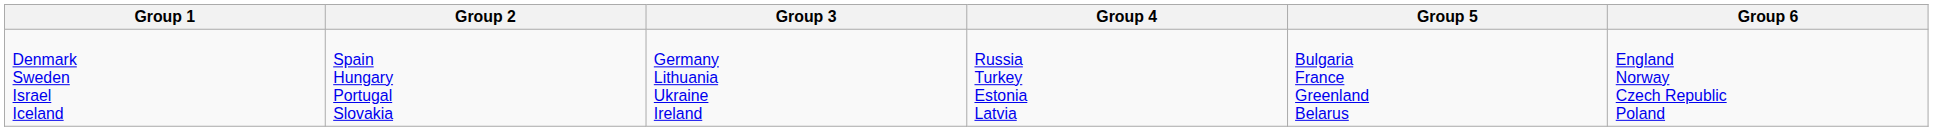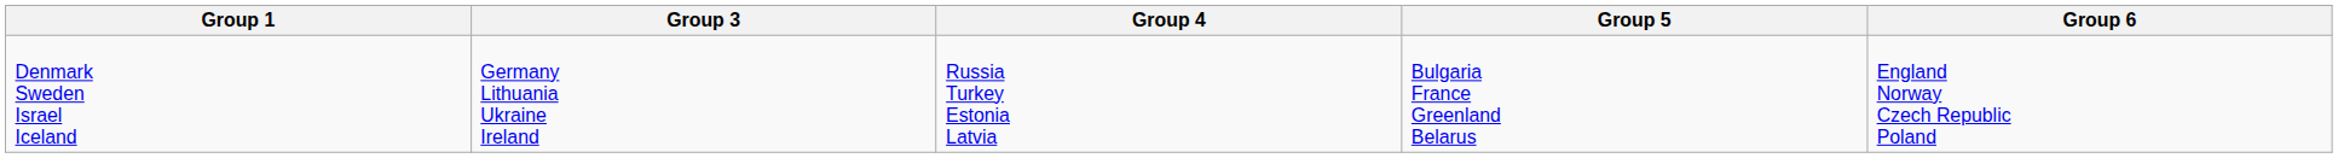 <table class="wikitable" width=98%>
 <tr>
 <th width=12%>Group 1</th>
-<th width=12%>Group 2</th>
 <th width=12%>Group 3</th>
 <th width=12%>Group 4</th>
 <th width=12%>Group 5</th>
 <th width=12%>Group 6</th>
 </tr>
 <tr>
 <td><br> <a href='#'>Denmark</a> <br>  <a href='#'>Sweden</a> <br>  <a href='#'>Israel</a> <br>  <a href='#'>Iceland</a> <br></td>
-<td><br> <a href='#'>Spain</a> <br>  <a href='#'>Hungary</a> <br>  <a href='#'>Portugal</a> <br>  <a href='#'>Slovakia</a> <br></td>
 <td><br> <a href='#'>Germany</a> <br>  <a href='#'>Lithuania</a> <br>  <a href='#'>Ukraine</a> <br>  <a href='#'>Ireland</a> <br></td>
 <td><br> <a href='#'>Russia</a> <br>  <a href='#'>Turkey</a> <br>  <a href='#'>Estonia</a> <br>  <a href='#'>Latvia</a> <br></td>
 <td><br> <a href='#'>Bulgaria</a> <br>  <a href='#'>France</a> <br>  <a href='#'>Greenland</a> <br>  <a href='#'>Belarus</a> <br></td>
 <td><br> <a href='#'>England</a> <br>  <a href='#'>Norway</a> <br>  <a href='#'>Czech Republic</a> <br>  <a href='#'>Poland</a> <br></td>
 </tr>
 </table>
